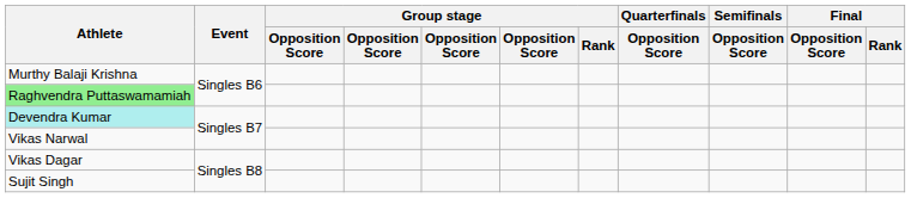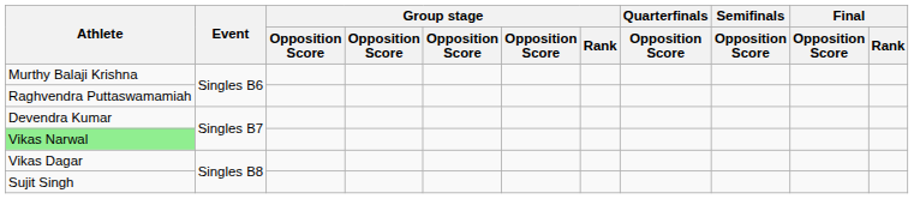 <table class="wikitable" style="text-align:center; font-size:90%">
 <tr>
 <th rowspan="2">Athlete</th>
 <th rowspan="2">Event</th>
 <th colspan="5">Group stage</th>
 <th>Quarterfinals</th>
 <th>Semifinals</th>
 <th colspan="2">Final</th>
 </tr>
 <tr>
 <th>Opposition<br>Score</th>
 <th>Opposition<br>Score</th>
 <th>Opposition<br>Score</th>
 <th>Opposition<br>Score</th>
 <th>Rank</th>
 <th>Opposition<br>Score</th>
 <th>Opposition<br>Score</th>
 <th>Opposition<br>Score</th>
 <th>Rank</th>
 </tr>
 <tr>
 <td align="left">Murthy Balaji Krishna</td>
 <td rowspan="2">Singles B6</td>
 <td></td>
 <td></td>
 <td></td>
 <td></td>
 <td></td>
 <td></td>
 <td></td>
 <td></td>
 <td></td>
 </tr>
 <tr>
-<td align="left" style="background: lightgreen;">Raghvendra Puttaswamamiah</td>
+<td align="left">Raghvendra Puttaswamamiah</td>
 <td></td>
 <td></td>
 <td></td>
 <td></td>
 <td></td>
 <td></td>
 <td></td>
 <td></td>
 <td></td>
 </tr>
 <tr>
-<td align="left" style="background: paleturquoise;">Devendra Kumar</td>
+<td align="left">Devendra Kumar</td>
 <td rowspan="2">Singles B7</td>
 <td></td>
 <td></td>
 <td></td>
 <td></td>
 <td></td>
 <td></td>
 <td></td>
 <td></td>
 <td></td>
 </tr>
 <tr>
-<td align="left">Vikas Narwal</td>
+<td align="left" style="background: lightgreen;">Vikas Narwal</td>
 <td></td>
 <td></td>
 <td></td>
 <td></td>
 <td></td>
 <td></td>
 <td></td>
 <td></td>
 <td></td>
 </tr>
 <tr>
 <td align="left">Vikas Dagar</td>
 <td rowspan="2">Singles B8</td>
 <td></td>
 <td></td>
 <td></td>
 <td></td>
 <td></td>
 <td></td>
 <td></td>
 <td></td>
 <td></td>
 </tr>
 <tr>
 <td align="left">Sujit Singh</td>
 <td></td>
 <td></td>
 <td></td>
 <td></td>
 <td></td>
 <td></td>
 <td></td>
 <td></td>
 <td></td>
 </tr>
 </table>
